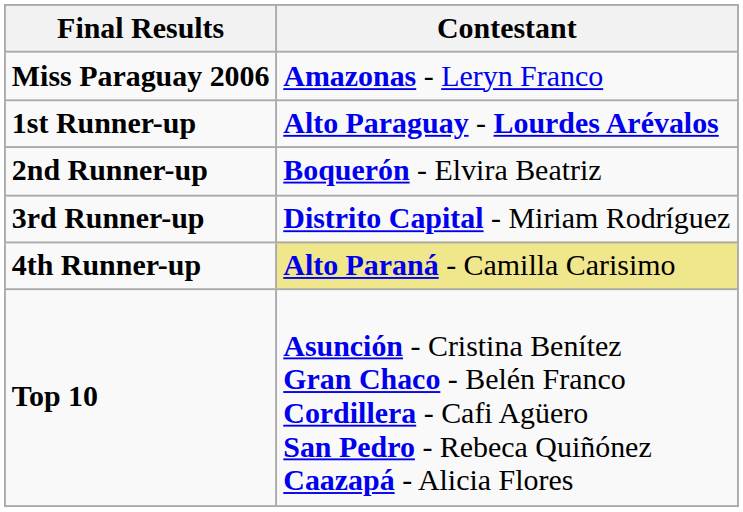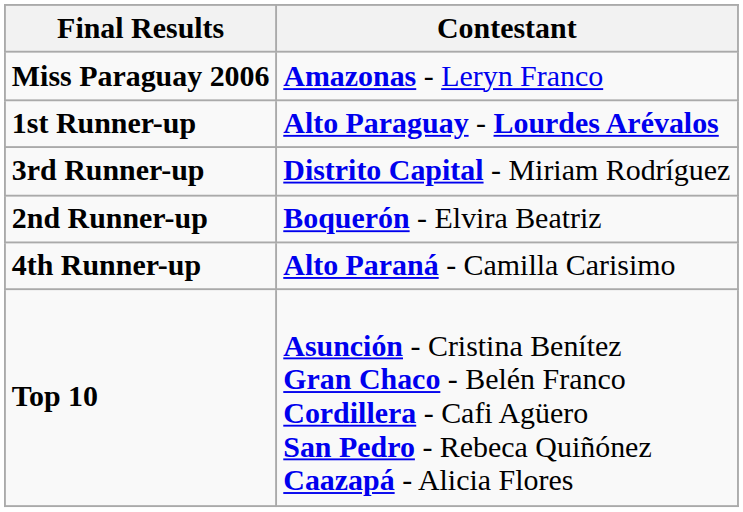 <table class="wikitable">
 <tr>
 <th>Final Results</th>
 <th>Contestant</th>
 </tr>
 <tr>
 <td><strong>Miss Paraguay 2006</strong></td>
 <td> <strong><a href='#'>Amazonas</a></strong> - <a href='#'>Leryn Franco</a></td>
 </tr>
 <tr>
 <td><strong>1st Runner-up</strong></td>
 <td> <strong><a href='#'>Alto Paraguay</a></strong> - <strong><a href='#'>Lourdes Arévalos</a></strong></td>
 </tr>
 <tr>
+<td><strong>3rd Runner-up</strong></td>
+<td> <strong><a href='#'>Distrito Capital</a></strong> - Miriam Rodríguez</td>
+</tr>
+<tr>
 <td><strong>2nd Runner-up</strong></td>
 <td> <strong><a href='#'>Boquerón</a></strong> - Elvira Beatriz</td>
 </tr>
 <tr>
-<td><strong>3rd Runner-up</strong></td>
-<td> <strong><a href='#'>Distrito Capital</a></strong> - Miriam Rodríguez</td>
-</tr>
-<tr>
 <td><strong>4th Runner-up</strong></td>
-<td style="background: khaki;"> <strong><a href='#'>Alto Paraná</a></strong> - Camilla Carisimo</td>
+<td> <strong><a href='#'>Alto Paraná</a></strong> - Camilla Carisimo</td>
 </tr>
 <tr>
 <td><strong>Top 10</strong></td>
 <td><br> <strong><a href='#'>Asunción</a></strong> - Cristina Benítez<br>  <strong><a href='#'>Gran Chaco</a></strong> - Belén Franco<br>  <strong><a href='#'>Cordillera</a></strong> - Cafi Agüero<br>  <strong><a href='#'>San Pedro</a></strong> - Rebeca Quiñónez<br>  <strong><a href='#'>Caazapá</a></strong> - Alicia Flores</td>
 </tr>
 </table>
